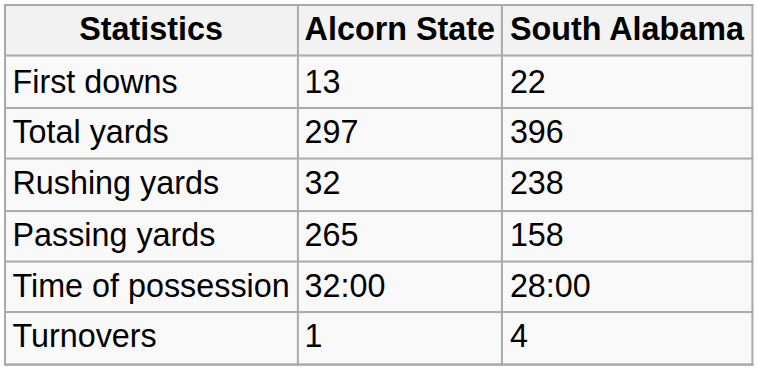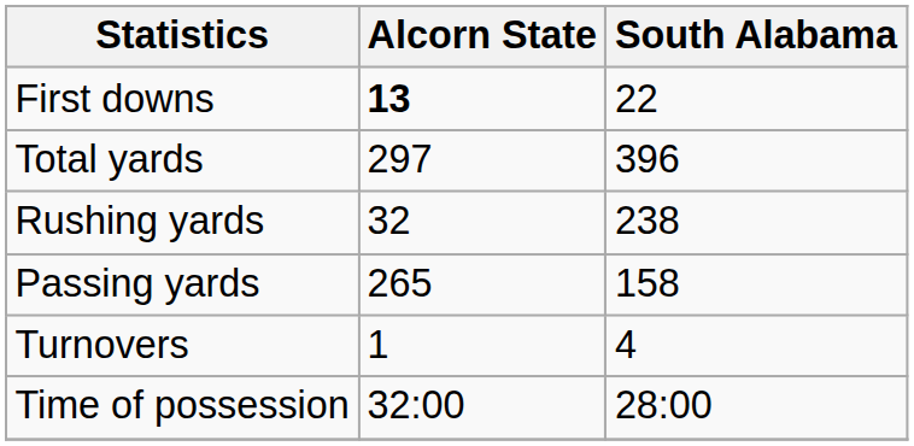 <table class="wikitable">
 <tr>
 <th>Statistics</th>
 <th>Alcorn State</th>
 <th>South Alabama</th>
 </tr>
 <tr>
 <td>First downs</td>
-<td>13</td>
+<td><strong>13</strong></td>
 <td>22</td>
 </tr>
 <tr>
 <td>Total yards</td>
 <td>297</td>
 <td>396</td>
 </tr>
 <tr>
 <td>Rushing yards</td>
 <td>32</td>
 <td>238</td>
 </tr>
 <tr>
 <td>Passing yards</td>
 <td>265</td>
 <td>158</td>
 </tr>
 <tr>
+<td>Turnovers</td>
+<td>1</td>
+<td>4</td>
+</tr>
+<tr>
 <td>Time of possession</td>
 <td>32:00</td>
 <td>28:00</td>
 </tr>
 <tr>
-<td>Turnovers</td>
-<td>1</td>
-<td>4</td>
-</tr>
-<tr>
 </tr>
 </table>
